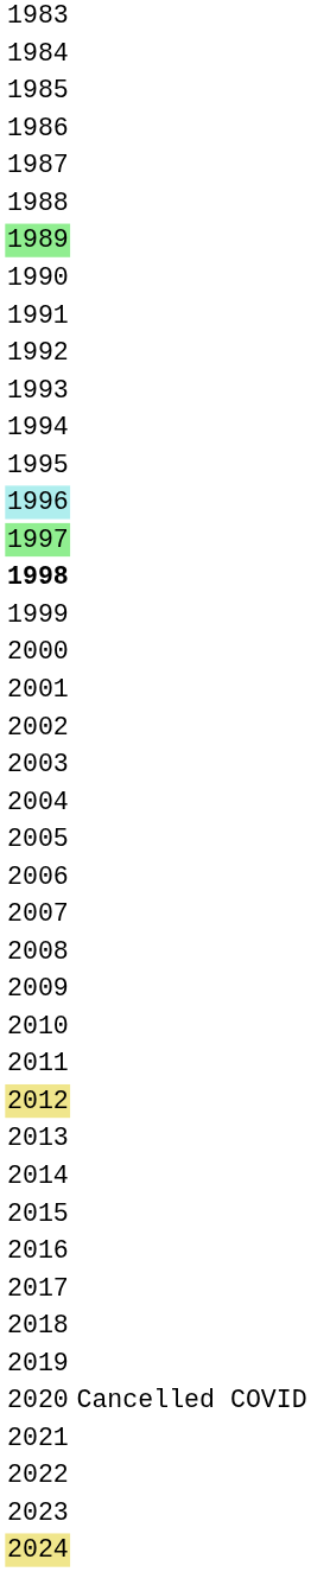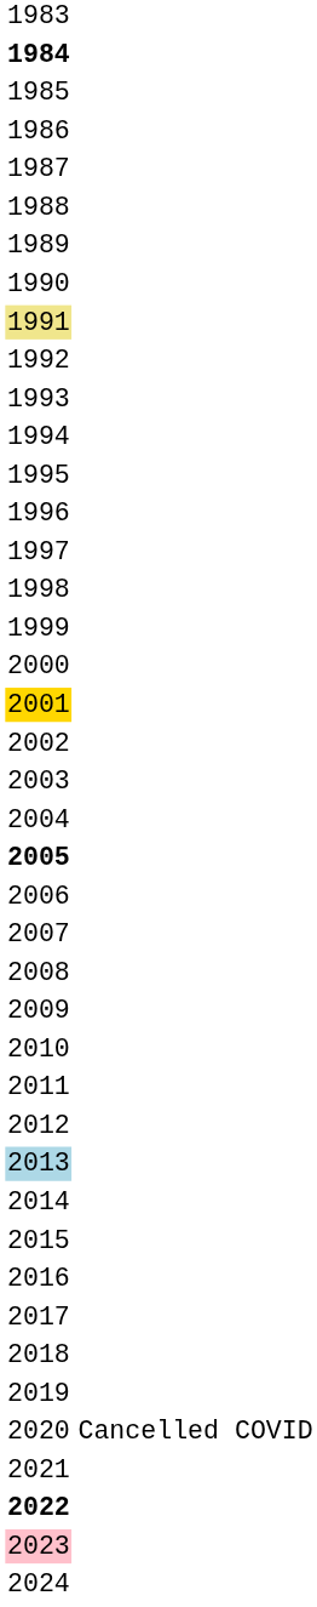 <table>
 <tr>
 <td>1983</td>
 <td></td>
 <td></td>
 <td></td>
 <td></td>
 </tr>
 <tr>
-<td>1984</td>
+<td><strong>1984</strong></td>
 <td></td>
 <td></td>
 <td></td>
 <td></td>
 </tr>
 <tr>
 <td>1985</td>
 <td></td>
 <td></td>
 <td></td>
 <td></td>
 </tr>
 <tr>
 <td>1986</td>
 <td></td>
 <td></td>
 <td></td>
 <td></td>
 </tr>
 <tr>
 <td>1987</td>
 <td></td>
 <td></td>
 <td></td>
 <td></td>
 </tr>
 <tr>
 <td>1988</td>
 <td></td>
 <td></td>
 <td></td>
 <td></td>
 </tr>
 <tr>
-<td style="background: lightgreen;">1989</td>
+<td>1989</td>
 <td></td>
 <td></td>
 <td></td>
 <td></td>
 </tr>
 <tr>
 <td>1990</td>
 <td></td>
 <td></td>
 <td></td>
 <td></td>
 </tr>
 <tr>
-<td>1991</td>
+<td style="background: khaki;">1991</td>
 <td></td>
 <td></td>
 <td></td>
 <td></td>
 </tr>
 <tr>
 <td>1992</td>
 <td></td>
 <td></td>
 <td></td>
 <td></td>
 </tr>
 <tr>
 <td>1993</td>
 <td></td>
 <td></td>
 <td></td>
 <td></td>
 </tr>
 <tr>
 <td>1994</td>
 <td></td>
 <td></td>
 <td></td>
 <td></td>
 </tr>
 <tr>
 <td>1995</td>
 <td></td>
 <td></td>
 <td></td>
 <td></td>
 </tr>
 <tr>
-<td style="background: paleturquoise;">1996</td>
+<td>1996</td>
 <td></td>
 <td></td>
 <td></td>
 <td></td>
 </tr>
 <tr>
-<td style="background: lightgreen;">1997</td>
+<td>1997</td>
 <td></td>
 <td></td>
 <td></td>
 <td></td>
 </tr>
 <tr>
-<td><strong>1998</strong></td>
+<td>1998</td>
 <td></td>
 <td></td>
 <td></td>
 <td></td>
 </tr>
 <tr>
 <td>1999</td>
 <td></td>
 <td></td>
 <td></td>
 <td></td>
 </tr>
 <tr>
 <td>2000</td>
 <td></td>
 <td></td>
 <td></td>
 <td></td>
 </tr>
 <tr>
-<td>2001</td>
+<td style="background: gold;">2001</td>
 <td></td>
 <td></td>
 <td></td>
 <td></td>
 </tr>
 <tr>
 <td>2002</td>
 <td></td>
 <td></td>
 <td></td>
 <td></td>
 </tr>
 <tr>
 <td>2003</td>
 <td></td>
 <td></td>
 <td></td>
 <td></td>
 </tr>
 <tr>
 <td>2004</td>
 <td></td>
 <td></td>
 <td></td>
 <td></td>
 </tr>
 <tr>
-<td>2005</td>
+<td><strong>2005</strong></td>
 <td></td>
 <td></td>
 <td></td>
 <td></td>
 </tr>
 <tr>
 <td>2006</td>
 <td></td>
 <td></td>
 <td></td>
 <td></td>
 </tr>
 <tr>
 <td>2007</td>
 <td></td>
 <td></td>
 <td></td>
 <td></td>
 </tr>
 <tr>
 <td>2008</td>
 <td></td>
 <td></td>
 <td></td>
 <td></td>
 </tr>
 <tr>
 <td>2009</td>
 <td></td>
 <td></td>
 <td></td>
 <td></td>
 </tr>
 <tr>
 <td>2010</td>
 <td></td>
 <td></td>
 <td></td>
 <td></td>
 </tr>
 <tr>
 <td>2011</td>
 <td></td>
 <td></td>
 <td></td>
 <td></td>
 </tr>
 <tr>
-<td style="background: khaki;">2012</td>
+<td>2012</td>
 <td></td>
 <td></td>
 <td></td>
 <td></td>
 </tr>
 <tr>
-<td>2013</td>
+<td style="background: lightblue;">2013</td>
 <td></td>
 <td></td>
 <td></td>
 <td></td>
 </tr>
 <tr>
 <td>2014</td>
 <td></td>
 <td></td>
 <td></td>
 <td></td>
 </tr>
 <tr>
 <td>2015</td>
 <td></td>
 <td></td>
 <td></td>
 <td></td>
 </tr>
 <tr>
 <td>2016</td>
 <td></td>
 <td></td>
 <td></td>
 <td></td>
 </tr>
 <tr>
 <td>2017</td>
 <td></td>
 <td></td>
 <td></td>
 <td></td>
 </tr>
 <tr>
 <td>2018</td>
 <td></td>
 <td></td>
 <td></td>
 <td></td>
 </tr>
 <tr>
 <td>2019</td>
 <td></td>
 <td></td>
 <td></td>
 <td></td>
 </tr>
 <tr>
 <td>2020</td>
 <td colspan=3>Cancelled COVID</td>
 <td></td>
 </tr>
 <tr>
 <td>2021</td>
 <td></td>
 <td></td>
 <td></td>
 <td></td>
 </tr>
 <tr>
-<td>2022</td>
+<td><strong>2022</strong></td>
 <td></td>
 <td></td>
 <td></td>
 <td></td>
 </tr>
 <tr>
-<td>2023</td>
+<td style="background: pink;">2023</td>
 <td></td>
 <td></td>
 <td></td>
 <td></td>
 </tr>
 <tr>
-<td style="background: khaki;">2024</td>
+<td>2024</td>
 <td></td>
 <td></td>
 <td></td>
 <td></td>
 </tr>
 </table>
